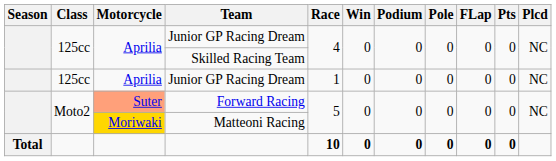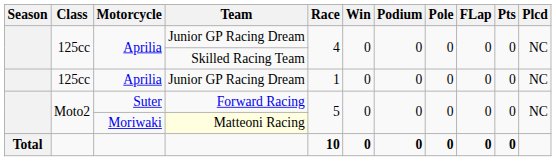 <table class="wikitable" style="text-align:right">
 <tr>
 <th>Season</th>
 <th>Class</th>
 <th>Motorcycle</th>
 <th>Team</th>
 <th>Race</th>
 <th>Win</th>
 <th>Podium</th>
 <th>Pole</th>
 <th>FLap</th>
 <th>Pts</th>
 <th>Plcd</th>
 </tr>
 <tr>
 <th rowspan=2></th>
 <td rowspan=2>125cc</td>
 <td rowspan=2><a href='#'>Aprilia</a></td>
 <td>Junior GP Racing Dream</td>
 <td rowspan=2>4</td>
 <td rowspan=2>0</td>
 <td rowspan=2>0</td>
 <td rowspan=2>0</td>
 <td rowspan=2>0</td>
 <td rowspan=2>0</td>
 <td rowspan=2>NC</td>
 </tr>
 <tr>
 <td>Skilled Racing Team</td>
 </tr>
 <tr>
 <th></th>
 <td>125cc</td>
 <td><a href='#'>Aprilia</a></td>
 <td>Junior GP Racing Dream</td>
 <td>1</td>
 <td>0</td>
 <td>0</td>
 <td>0</td>
 <td>0</td>
 <td>0</td>
 <td>NC</td>
 </tr>
 <tr>
 <th rowspan=2></th>
 <td rowspan=2>Moto2</td>
-<td style="background: lightsalmon;"><a href='#'>Suter</a></td>
+<td><a href='#'>Suter</a></td>
 <td><a href='#'>Forward Racing</a></td>
 <td rowspan=2>5</td>
 <td rowspan=2>0</td>
 <td rowspan=2>0</td>
 <td rowspan=2>0</td>
 <td rowspan=2>0</td>
 <td rowspan=2>0</td>
 <td rowspan=2>NC</td>
 </tr>
 <tr>
-<td style="background: gold;"><a href='#'>Moriwaki</a></td>
-<td>Matteoni Racing</td>
+<td><a href='#'>Moriwaki</a></td>
+<td style="background: lightyellow;">Matteoni Racing</td>
 </tr>
 <tr>
 <th>Total</th>
 <td></td>
 <td></td>
 <td></td>
 <td><strong>10</strong></td>
 <td><strong>0</strong></td>
 <td><strong>0</strong></td>
 <td><strong>0</strong></td>
 <td><strong>0</strong></td>
 <td><strong>0</strong></td>
 <td></td>
 </tr>
 </table>
